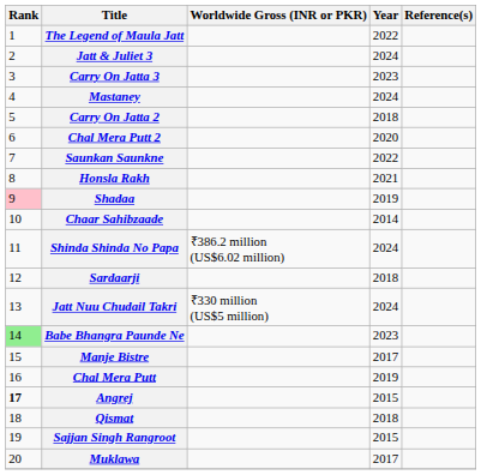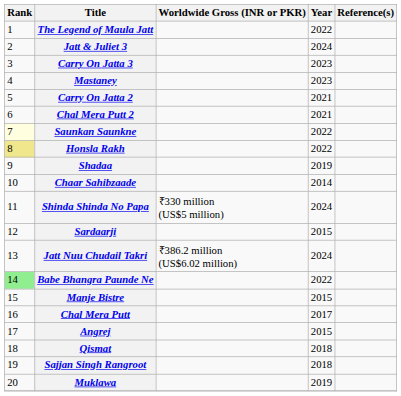 <table class="wikitable sortable plainrowheaders" style="margin:auto; margin:auto;">
 <tr>
 <th scope="col">Rank</th>
 <th scope="col">Title</th>
 <th scope="col">Worldwide Gross (INR or PKR)</th>
 <th scope="col">Year</th>
 <th scope="col" class="unsortable">Reference(s)</th>
 </tr>
 <tr>
 <td>1</td>
 <th scope="row"><em><a href='#'>The Legend of Maula Jatt</a></em></th>
 <td></td>
 <td>2022</td>
 <td></td>
 </tr>
 <tr>
 <td>2</td>
 <th scope="row"><em><a href='#'>Jatt & Juliet 3</a></em></th>
 <td></td>
 <td>2024</td>
 <td></td>
 </tr>
 <tr>
 <td>3</td>
 <th scope="row"><em><a href='#'>Carry On Jatta 3</a></em></th>
 <td></td>
 <td>2023</td>
 <td></td>
 </tr>
 <tr>
 <td>4</td>
 <th scope="row"><em><a href='#'>Mastaney</a></em></th>
 <td></td>
-<td>2024</td>
+<td>2023</td>
 <td></td>
 </tr>
 <tr>
 <td>5</td>
 <th scope="row"><em><a href='#'>Carry On Jatta 2</a></em></th>
 <td></td>
-<td>2018</td>
+<td>2021</td>
 <td></td>
 </tr>
 <tr>
 <td>6</td>
 <th scope="row"><em><a href='#'>Chal Mera Putt 2</a></em></th>
 <td></td>
-<td>2020</td>
+<td>2021</td>
 <td></td>
 </tr>
 <tr>
-<td>7</td>
+<td style="background: lightyellow;">7</td>
 <th scope="row"><em><a href='#'>Saunkan Saunkne</a></em></th>
 <td></td>
 <td>2022</td>
 <td></td>
 </tr>
 <tr>
-<td>8</td>
+<td style="background: khaki;">8</td>
 <th scope="row"><em><a href='#'>Honsla Rakh</a></em></th>
 <td></td>
-<td>2021</td>
+<td>2022</td>
 <td></td>
 </tr>
 <tr>
-<td style="background: pink;">9</td>
+<td>9</td>
 <th scope="row"><em><a href='#'>Shadaa</a></em></th>
 <td></td>
 <td>2019</td>
 <td></td>
 </tr>
 <tr>
 <td>10</td>
 <th scope="row"><em><a href='#'>Chaar Sahibzaade</a></em></th>
 <td></td>
 <td>2014</td>
 <td></td>
 </tr>
 <tr>
 <td>11</td>
 <th scope="row"><em><a href='#'>Shinda Shinda No Papa</a></em></th>
-<td>₹386.2 million<br>(US$6.02 million)</td>
+<td>₹330 million<br>(US$5 million)</td>
 <td>2024</td>
 <td></td>
 </tr>
 <tr>
 <td>12</td>
 <th scope="row"><em><a href='#'>Sardaarji</a></em></th>
 <td></td>
-<td>2018</td>
+<td>2015</td>
 <td></td>
 </tr>
 <tr>
 <td>13</td>
 <th scope="row"><em><a href='#'>Jatt Nuu Chudail Takri</a></em></th>
-<td>₹330 million<br>(US$5 million)</td>
+<td>₹386.2 million<br>(US$6.02 million)</td>
 <td>2024</td>
 <td></td>
 </tr>
 <tr>
 <td style="background: lightgreen;">14</td>
 <th scope="row"><em><a href='#'>Babe Bhangra Paunde Ne</a></em></th>
 <td></td>
-<td>2023</td>
+<td>2022</td>
 <td></td>
 </tr>
 <tr>
 <td>15</td>
 <th scope="row"><em><a href='#'>Manje Bistre</a></em></th>
 <td></td>
-<td>2017</td>
+<td>2015</td>
 <td></td>
 </tr>
 <tr>
 <td>16</td>
 <th scope="row"><em><a href='#'>Chal Mera Putt</a></em></th>
 <td></td>
-<td>2019</td>
+<td>2017</td>
 <td></td>
 </tr>
 <tr>
-<td><strong>17</strong></td>
+<td>17</td>
 <th scope="row"><em><a href='#'>Angrej</a></em></th>
 <td></td>
 <td>2015</td>
 <td></td>
 </tr>
 <tr>
 <td>18</td>
 <th scope="row"><em><a href='#'>Qismat</a></em></th>
 <td></td>
 <td>2018</td>
 <td></td>
 </tr>
 <tr>
 <td>19</td>
 <th scope="row"><em><a href='#'>Sajjan Singh Rangroot</a></em></th>
 <td></td>
-<td>2015</td>
+<td>2018</td>
 <td></td>
 </tr>
 <tr>
 <td>20</td>
 <th scope="row"><em><a href='#'>Muklawa</a></em></th>
 <td></td>
-<td>2017</td>
+<td>2019</td>
 <td></td>
 </tr>
 <tr>
 </tr>
 </table>
